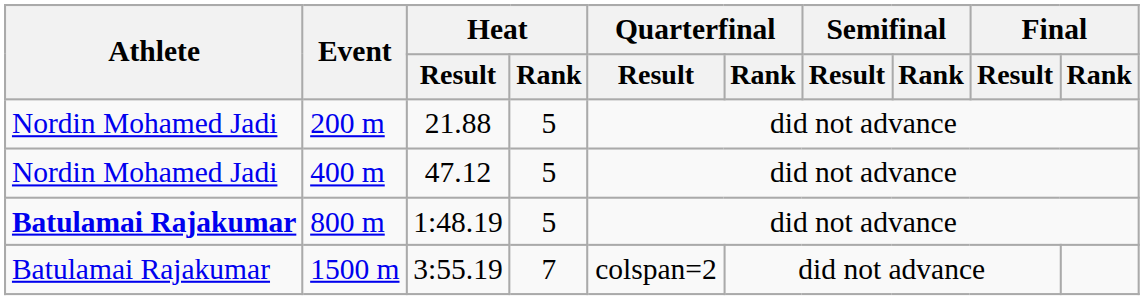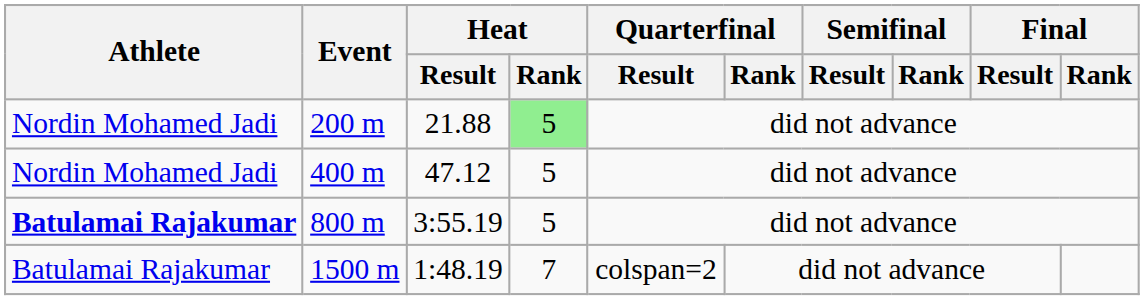 <table class="wikitable" style="font-size:90%">
 <tr>
 <th rowspan="2">Athlete</th>
 <th rowspan="2">Event</th>
 <th colspan="2">Heat</th>
 <th colspan="2">Quarterfinal</th>
 <th colspan="2">Semifinal</th>
 <th colspan="2">Final</th>
 </tr>
 <tr style="font-size:95%">
 <th>Result</th>
 <th>Rank</th>
 <th>Result</th>
 <th>Rank</th>
 <th>Result</th>
 <th>Rank</th>
 <th>Result</th>
 <th>Rank</th>
 </tr>
 <tr align=center>
 <td align=left><a href='#'>Nordin Mohamed Jadi</a></td>
 <td align=left><a href='#'>200 m</a></td>
 <td>21.88</td>
-<td>5</td>
+<td style="background: lightgreen;">5</td>
 <td colspan=6>did not advance</td>
 </tr>
 <tr align=center>
 <td align=left><a href='#'>Nordin Mohamed Jadi</a></td>
 <td align=left><a href='#'>400 m</a></td>
 <td>47.12</td>
 <td>5</td>
 <td colspan=6>did not advance</td>
 </tr>
 <tr align=center>
 <td align=left><strong><a href='#'>Batulamai Rajakumar</a></strong></td>
 <td align=left><a href='#'>800 m</a></td>
-<td>1:48.19</td>
+<td>3:55.19</td>
 <td>5</td>
 <td colspan=6>did not advance</td>
 </tr>
 <tr align=center>
 <td align=left><a href='#'>Batulamai Rajakumar</a></td>
 <td align=left><a href='#'>1500 m</a></td>
-<td>3:55.19</td>
+<td>1:48.19</td>
 <td>7</td>
 <td>colspan=2 </td>
 <td colspan=4>did not advance</td>
 </tr>
 </table>
